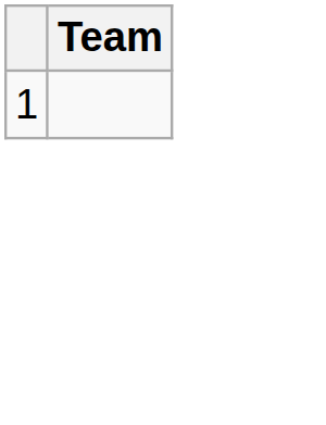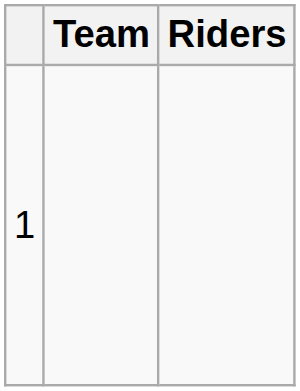 <table class="wikitable">
 <tr>
 <th></th>
 <th>Team</th>
+<th>Riders</th>
 </tr>
 <tr>
 <td>1</td>
 <td><strong></strong></td>
+<td><br><br><br> <br> <br> <br> <br></td>
 </tr>
 </table>
